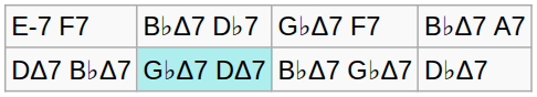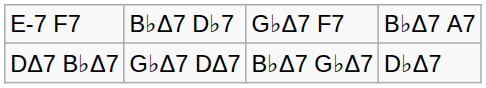 <table class="wikitable">
 <tr>
 <td>E-7     F7</td>
 <td>B♭Δ7     D♭7</td>
 <td>G♭Δ7     F7</td>
 <td>B♭Δ7     A7</td>
 </tr>
 <tr>
 <td>DΔ7     B♭Δ7</td>
-<td style="background: paleturquoise;">G♭Δ7     DΔ7</td>
+<td>G♭Δ7     DΔ7</td>
 <td>B♭Δ7     G♭Δ7</td>
 <td>D♭Δ7</td>
 </tr>
 </table>
